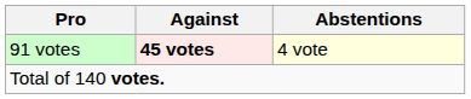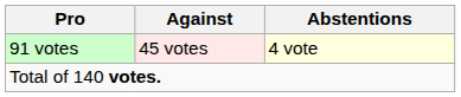 <table class="wikitable" width="25%">
 <tr>
 <th>Pro</th>
 <th>Against</th>
 <th>Abstentions</th>
 </tr>
 <tr>
 <td bgcolor="#CCFFCC">91 votes</td>
-<td bgcolor="#FFE8E8"><strong>45 votes</strong></td>
+<td bgcolor="#FFE8E8">45 votes</td>
 <td bgcolor="#FFFFDD">4 vote</td>
 </tr>
 <tr>
 <td colspan="3">Total of 140 <strong>votes.</strong></td>
 </tr>
 </table>
